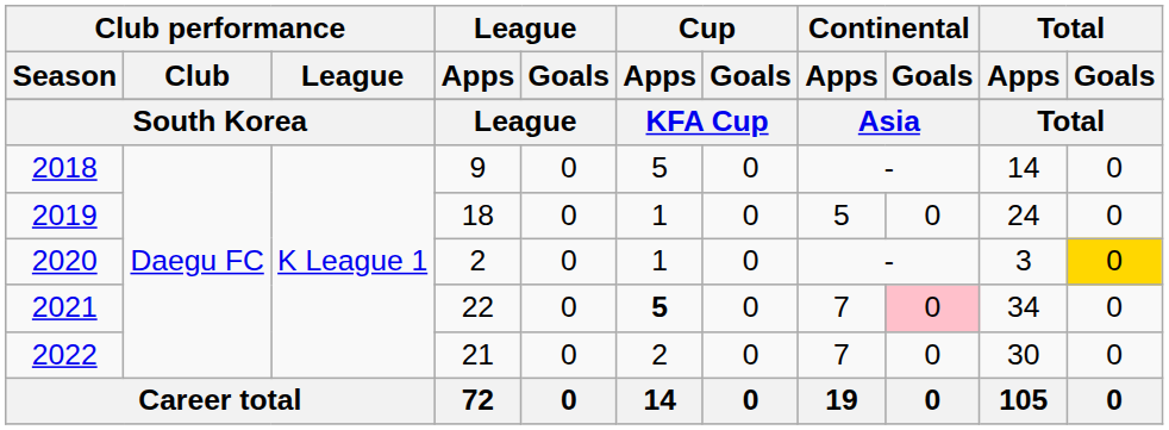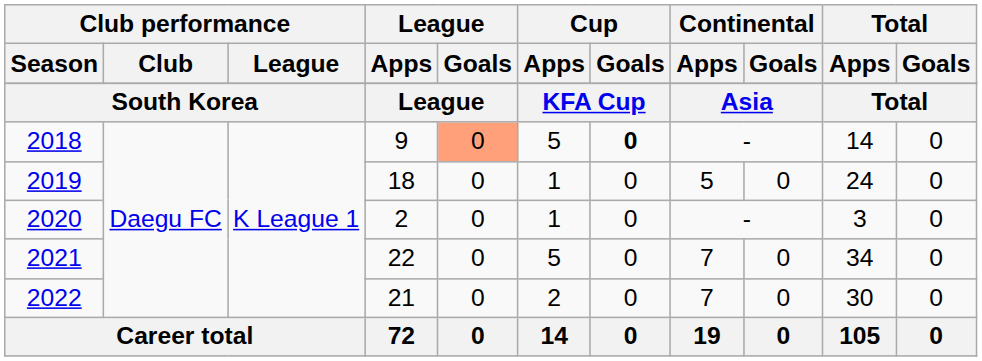 <table class="wikitable" style="text-align:center">
 <tr>
 <th colspan=3>Club performance</th>
 <th colspan=2>League</th>
 <th colspan=2>Cup</th>
 <th colspan=2>Continental</th>
 <th colspan=2>Total</th>
 </tr>
 <tr>
 <th>Season</th>
 <th>Club</th>
 <th>League</th>
 <th>Apps</th>
 <th>Goals</th>
 <th>Apps</th>
 <th>Goals</th>
 <th>Apps</th>
 <th>Goals</th>
 <th>Apps</th>
 <th>Goals</th>
 </tr>
 <tr>
 </tr>
 <tr>
 <th colspan=3>South Korea</th>
 <th colspan=2>League</th>
 <th colspan=2><a href='#'>KFA Cup</a></th>
 <th colspan=2><a href='#'>Asia</a></th>
 <th colspan=2>Total</th>
 </tr>
 <tr>
 <td><a href='#'>2018</a></td>
 <td rowspan="5"><a href='#'>Daegu FC</a></td>
 <td rowspan="5"><a href='#'>K League 1</a></td>
 <td>9</td>
-<td>0</td>
+<td style="background: lightsalmon;">0</td>
 <td>5</td>
-<td>0</td>
+<td><strong>0</strong></td>
 <td colspan="2">-</td>
 <td>14</td>
 <td>0</td>
 </tr>
 <tr>
 <td><a href='#'>2019</a></td>
 <td>18</td>
 <td>0</td>
 <td>1</td>
 <td>0</td>
 <td>5</td>
 <td>0</td>
 <td>24</td>
 <td>0</td>
 </tr>
 <tr>
 <td><a href='#'>2020</a></td>
 <td>2</td>
 <td>0</td>
 <td>1</td>
 <td>0</td>
 <td colspan="2">-</td>
 <td>3</td>
-<td style="background: gold;">0</td>
+<td>0</td>
 </tr>
 <tr>
 <td><a href='#'>2021</a></td>
 <td>22</td>
 <td>0</td>
-<td><strong>5</strong></td>
+<td>5</td>
 <td>0</td>
 <td>7</td>
-<td style="background: pink;">0</td>
+<td>0</td>
 <td>34</td>
 <td>0</td>
 </tr>
 <tr>
 <td><a href='#'>2022</a></td>
 <td>21</td>
 <td>0</td>
 <td>2</td>
 <td>0</td>
 <td>7</td>
 <td>0</td>
 <td>30</td>
 <td>0</td>
 </tr>
 <tr>
 <th colspan=3>Career total</th>
 <th>72</th>
 <th>0</th>
 <th>14</th>
 <th>0</th>
 <th>19</th>
 <th>0</th>
 <th>105</th>
 <th>0</th>
 </tr>
 </table>
